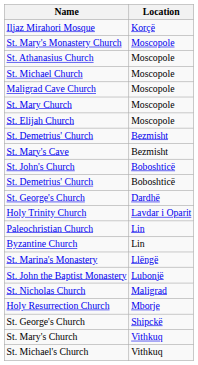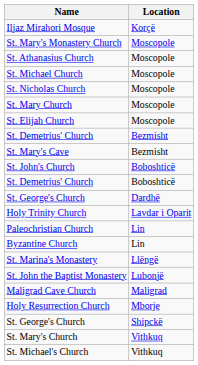 <table class="wikitable">
 <tr>
 <th>Name</th>
 <th>Location</th>
 </tr>
 <tr>
 <td><a href='#'>Iljaz Mirahori Mosque</a></td>
 <td><a href='#'>Korçë</a></td>
 </tr>
 <tr>
 <td><a href='#'>St. Mary's Monastery Church</a></td>
 <td><a href='#'>Moscopole</a></td>
 </tr>
 <tr>
 <td><a href='#'>St. Athanasius Church</a></td>
 <td>Moscopole</td>
 </tr>
 <tr>
 <td><a href='#'>St. Michael Church</a></td>
 <td>Moscopole</td>
 </tr>
 <tr>
-<td><a href='#'>Maligrad Cave Church</a></td>
+<td><a href='#'>St. Nicholas Church</a></td>
 <td>Moscopole</td>
 </tr>
 <tr>
 <td><a href='#'>St. Mary Church</a></td>
 <td>Moscopole</td>
 </tr>
 <tr>
 <td><a href='#'>St. Elijah Church</a></td>
 <td>Moscopole</td>
 </tr>
 <tr>
 <td><a href='#'>St. Demetrius' Church</a></td>
 <td><a href='#'>Bezmisht</a></td>
 </tr>
 <tr>
 <td><a href='#'>St. Mary's Cave</a></td>
 <td>Bezmisht</td>
 </tr>
 <tr>
 <td><a href='#'>St. John's Church</a></td>
 <td><a href='#'>Boboshticë</a></td>
 </tr>
 <tr>
 <td><a href='#'>St. Demetrius' Church</a></td>
 <td>Boboshticë</td>
 </tr>
 <tr>
 <td><a href='#'>St. George's Church</a></td>
 <td><a href='#'>Dardhë</a></td>
 </tr>
 <tr>
 <td><a href='#'>Holy Trinity Church</a></td>
 <td><a href='#'>Lavdar i Oparit</a></td>
 </tr>
 <tr>
 <td><a href='#'>Paleochristian Church</a></td>
 <td><a href='#'>Lin</a></td>
 </tr>
 <tr>
 <td><a href='#'>Byzantine Church</a></td>
 <td>Lin</td>
 </tr>
 <tr>
 <td><a href='#'>St. Marina's Monastery</a></td>
 <td><a href='#'>Llëngë</a></td>
 </tr>
 <tr>
 <td><a href='#'>St. John the Baptist Monastery</a></td>
 <td><a href='#'>Lubonjë</a></td>
 </tr>
 <tr>
-<td><a href='#'>St. Nicholas Church</a></td>
+<td><a href='#'>Maligrad Cave Church</a></td>
 <td><a href='#'>Maligrad</a></td>
 </tr>
 <tr>
 <td><a href='#'>Holy Resurrection Church</a></td>
 <td><a href='#'>Mborje</a></td>
 </tr>
 <tr>
 <td>St. George's Church</td>
 <td><a href='#'>Shipckë</a></td>
 </tr>
 <tr>
 <td>St. Mary's Church</td>
 <td><a href='#'>Vithkuq</a></td>
 </tr>
 <tr>
 <td>St. Michael's Church</td>
 <td>Vithkuq</td>
 </tr>
 </table>
